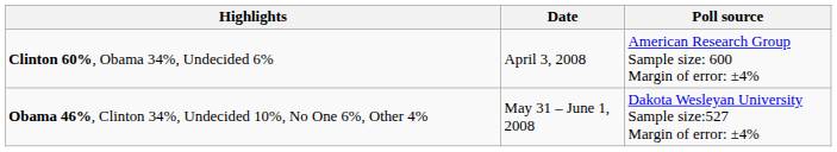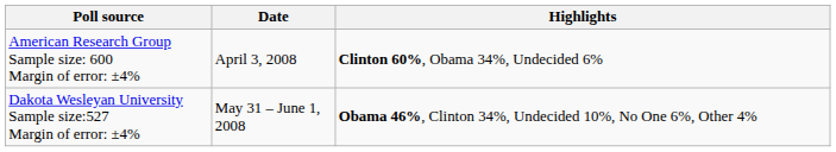 <table class="wikitable sortable">
 <tr>
+<th width="25%">Poll source</th>
+<th width="15%">Date</th>
 <th width="60%">Highlights</th>
-<th width="15%">Date</th>
-<th width="25%">Poll source</th>
 </tr>
 <tr>
+<td><a href='#'>American Research Group</a><br>Sample size: 600<br> Margin of error: ±4%</td>
+<td>April 3, 2008</td>
 <td><strong>Clinton 60%</strong>, Obama 34%, Undecided 6%</td>
-<td>April 3, 2008</td>
-<td><a href='#'>American Research Group</a><br>Sample size: 600<br> Margin of error: ±4%</td>
 </tr>
 <tr>
+<td><a href='#'>Dakota Wesleyan University</a><br>Sample size:527 <br> Margin of error: ±4%</td>
+<td>May 31 – June 1, 2008</td>
 <td><strong>Obama 46%</strong>, Clinton 34%, Undecided 10%, No One 6%, Other 4%</td>
-<td>May 31 – June 1, 2008</td>
-<td><a href='#'>Dakota Wesleyan University</a><br>Sample size:527 <br> Margin of error: ±4%</td>
 </tr>
 </table>
